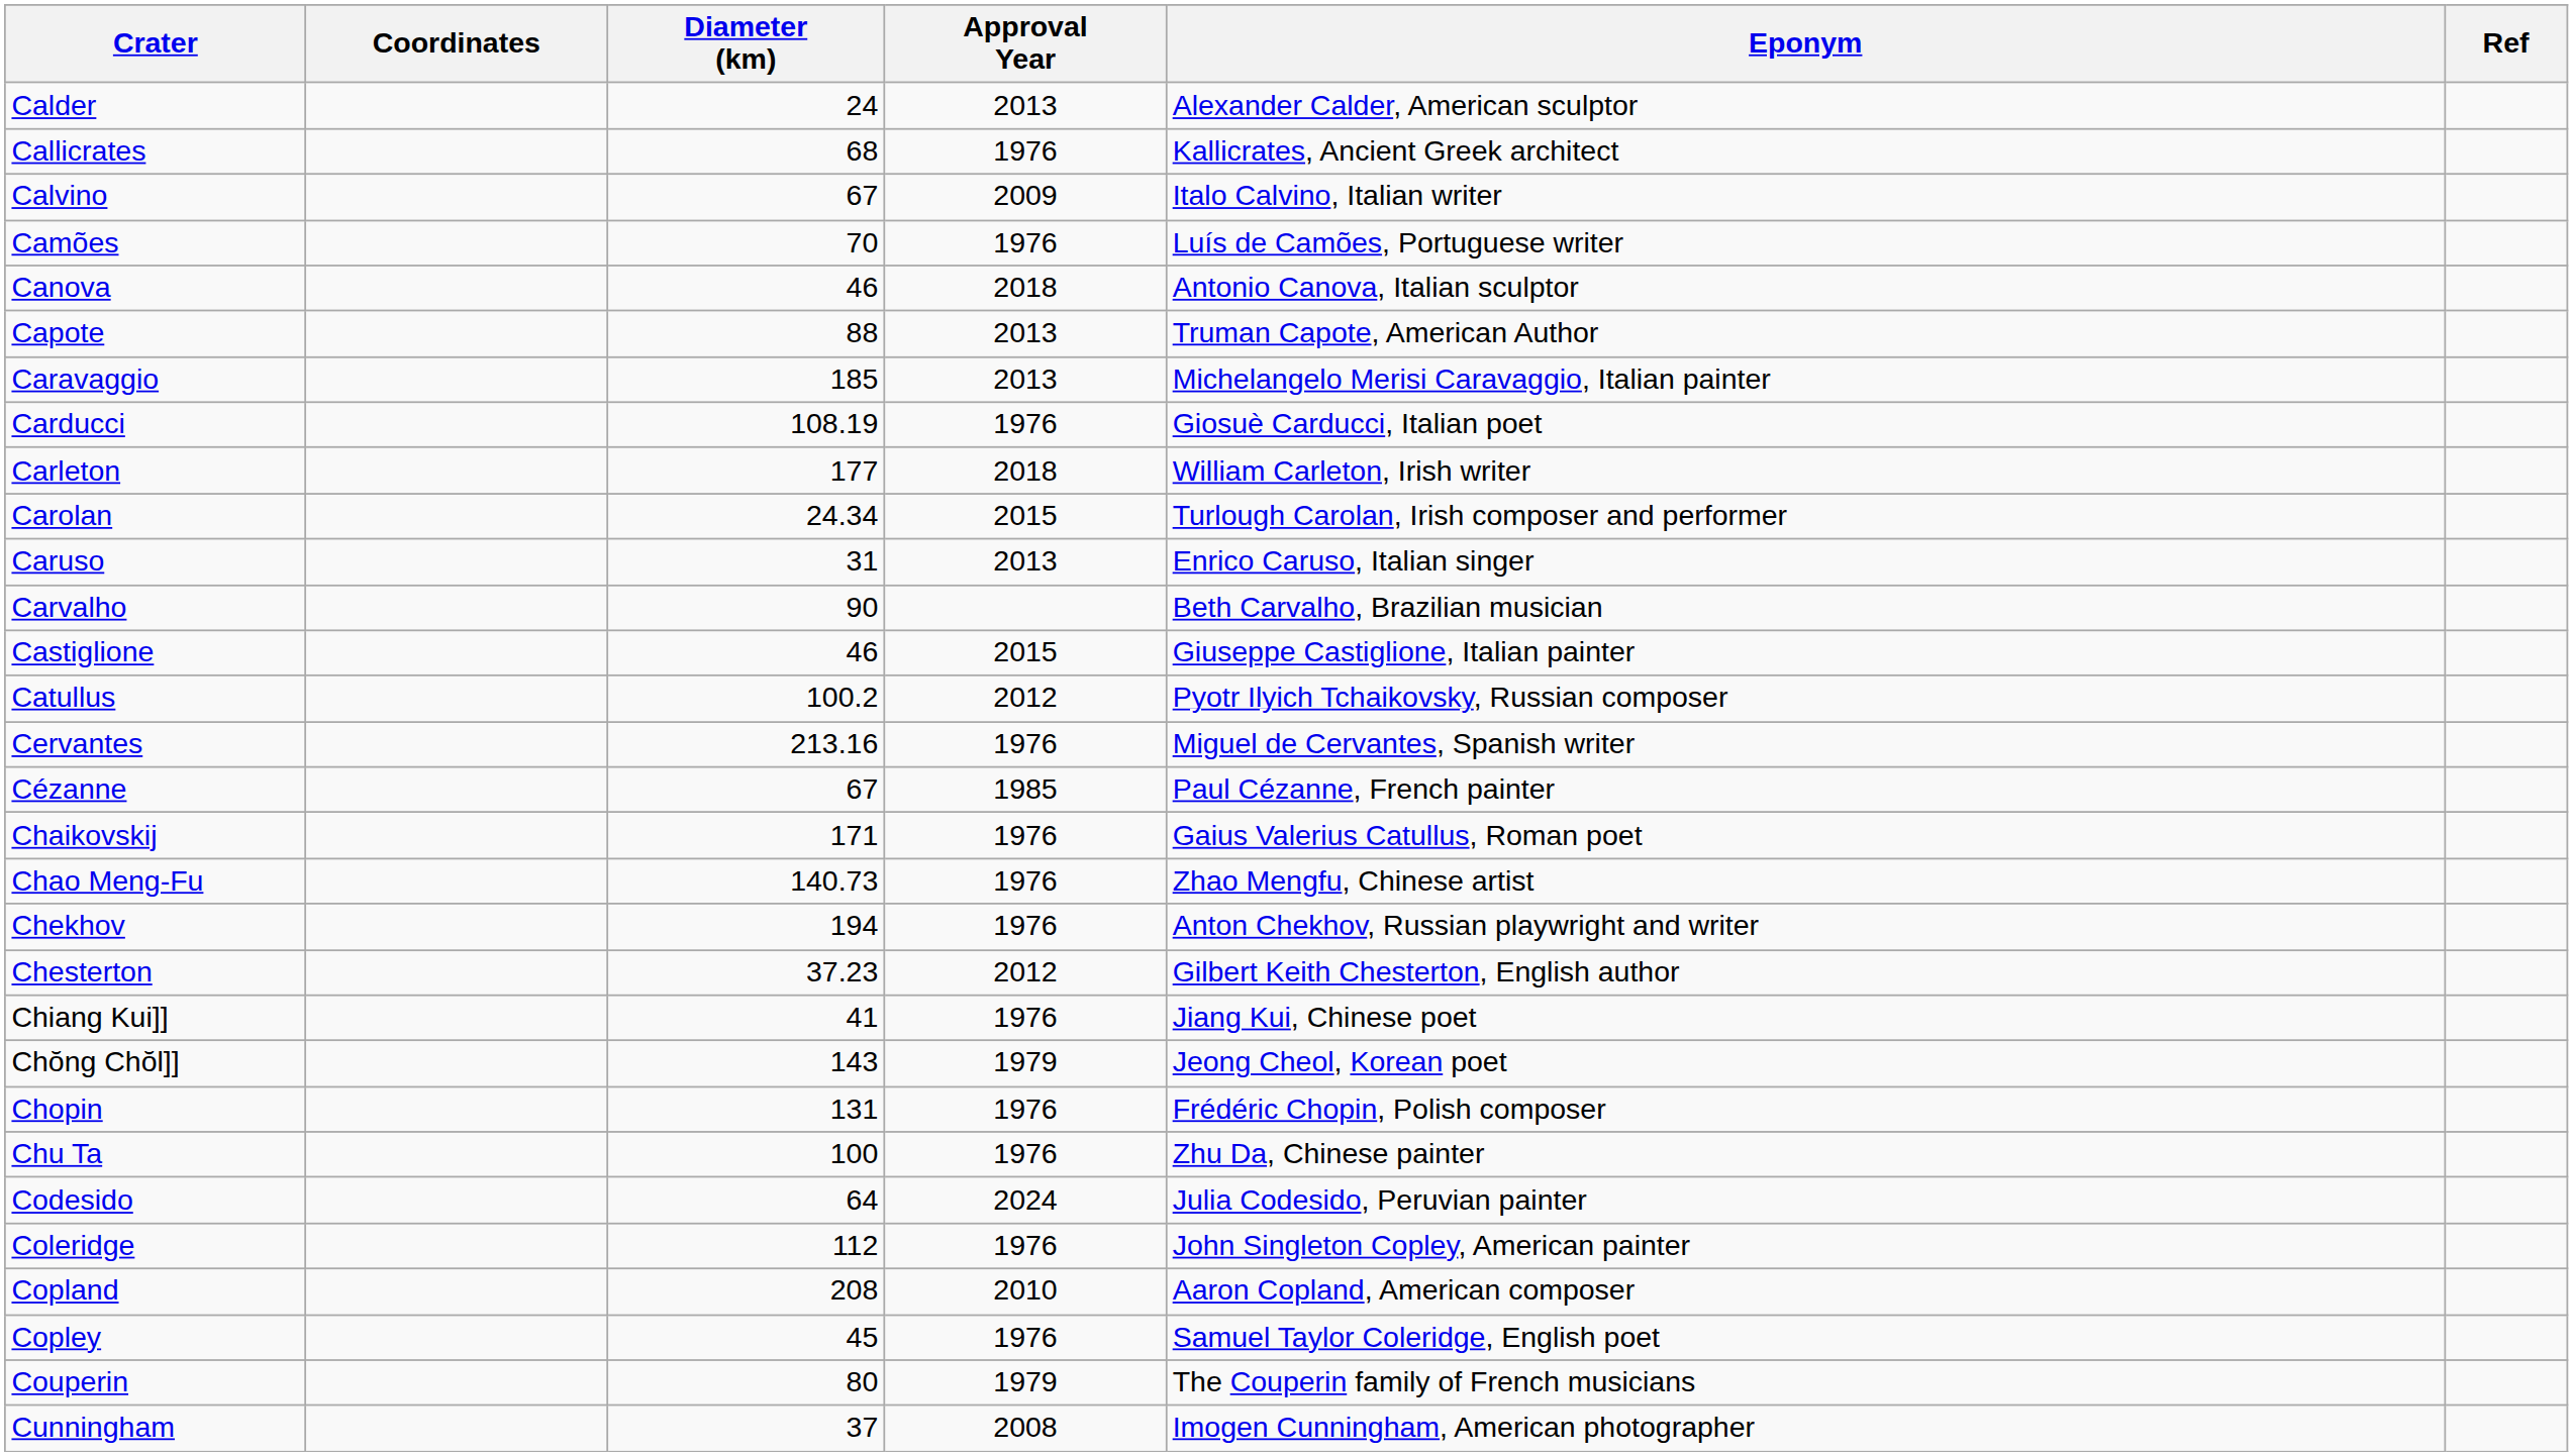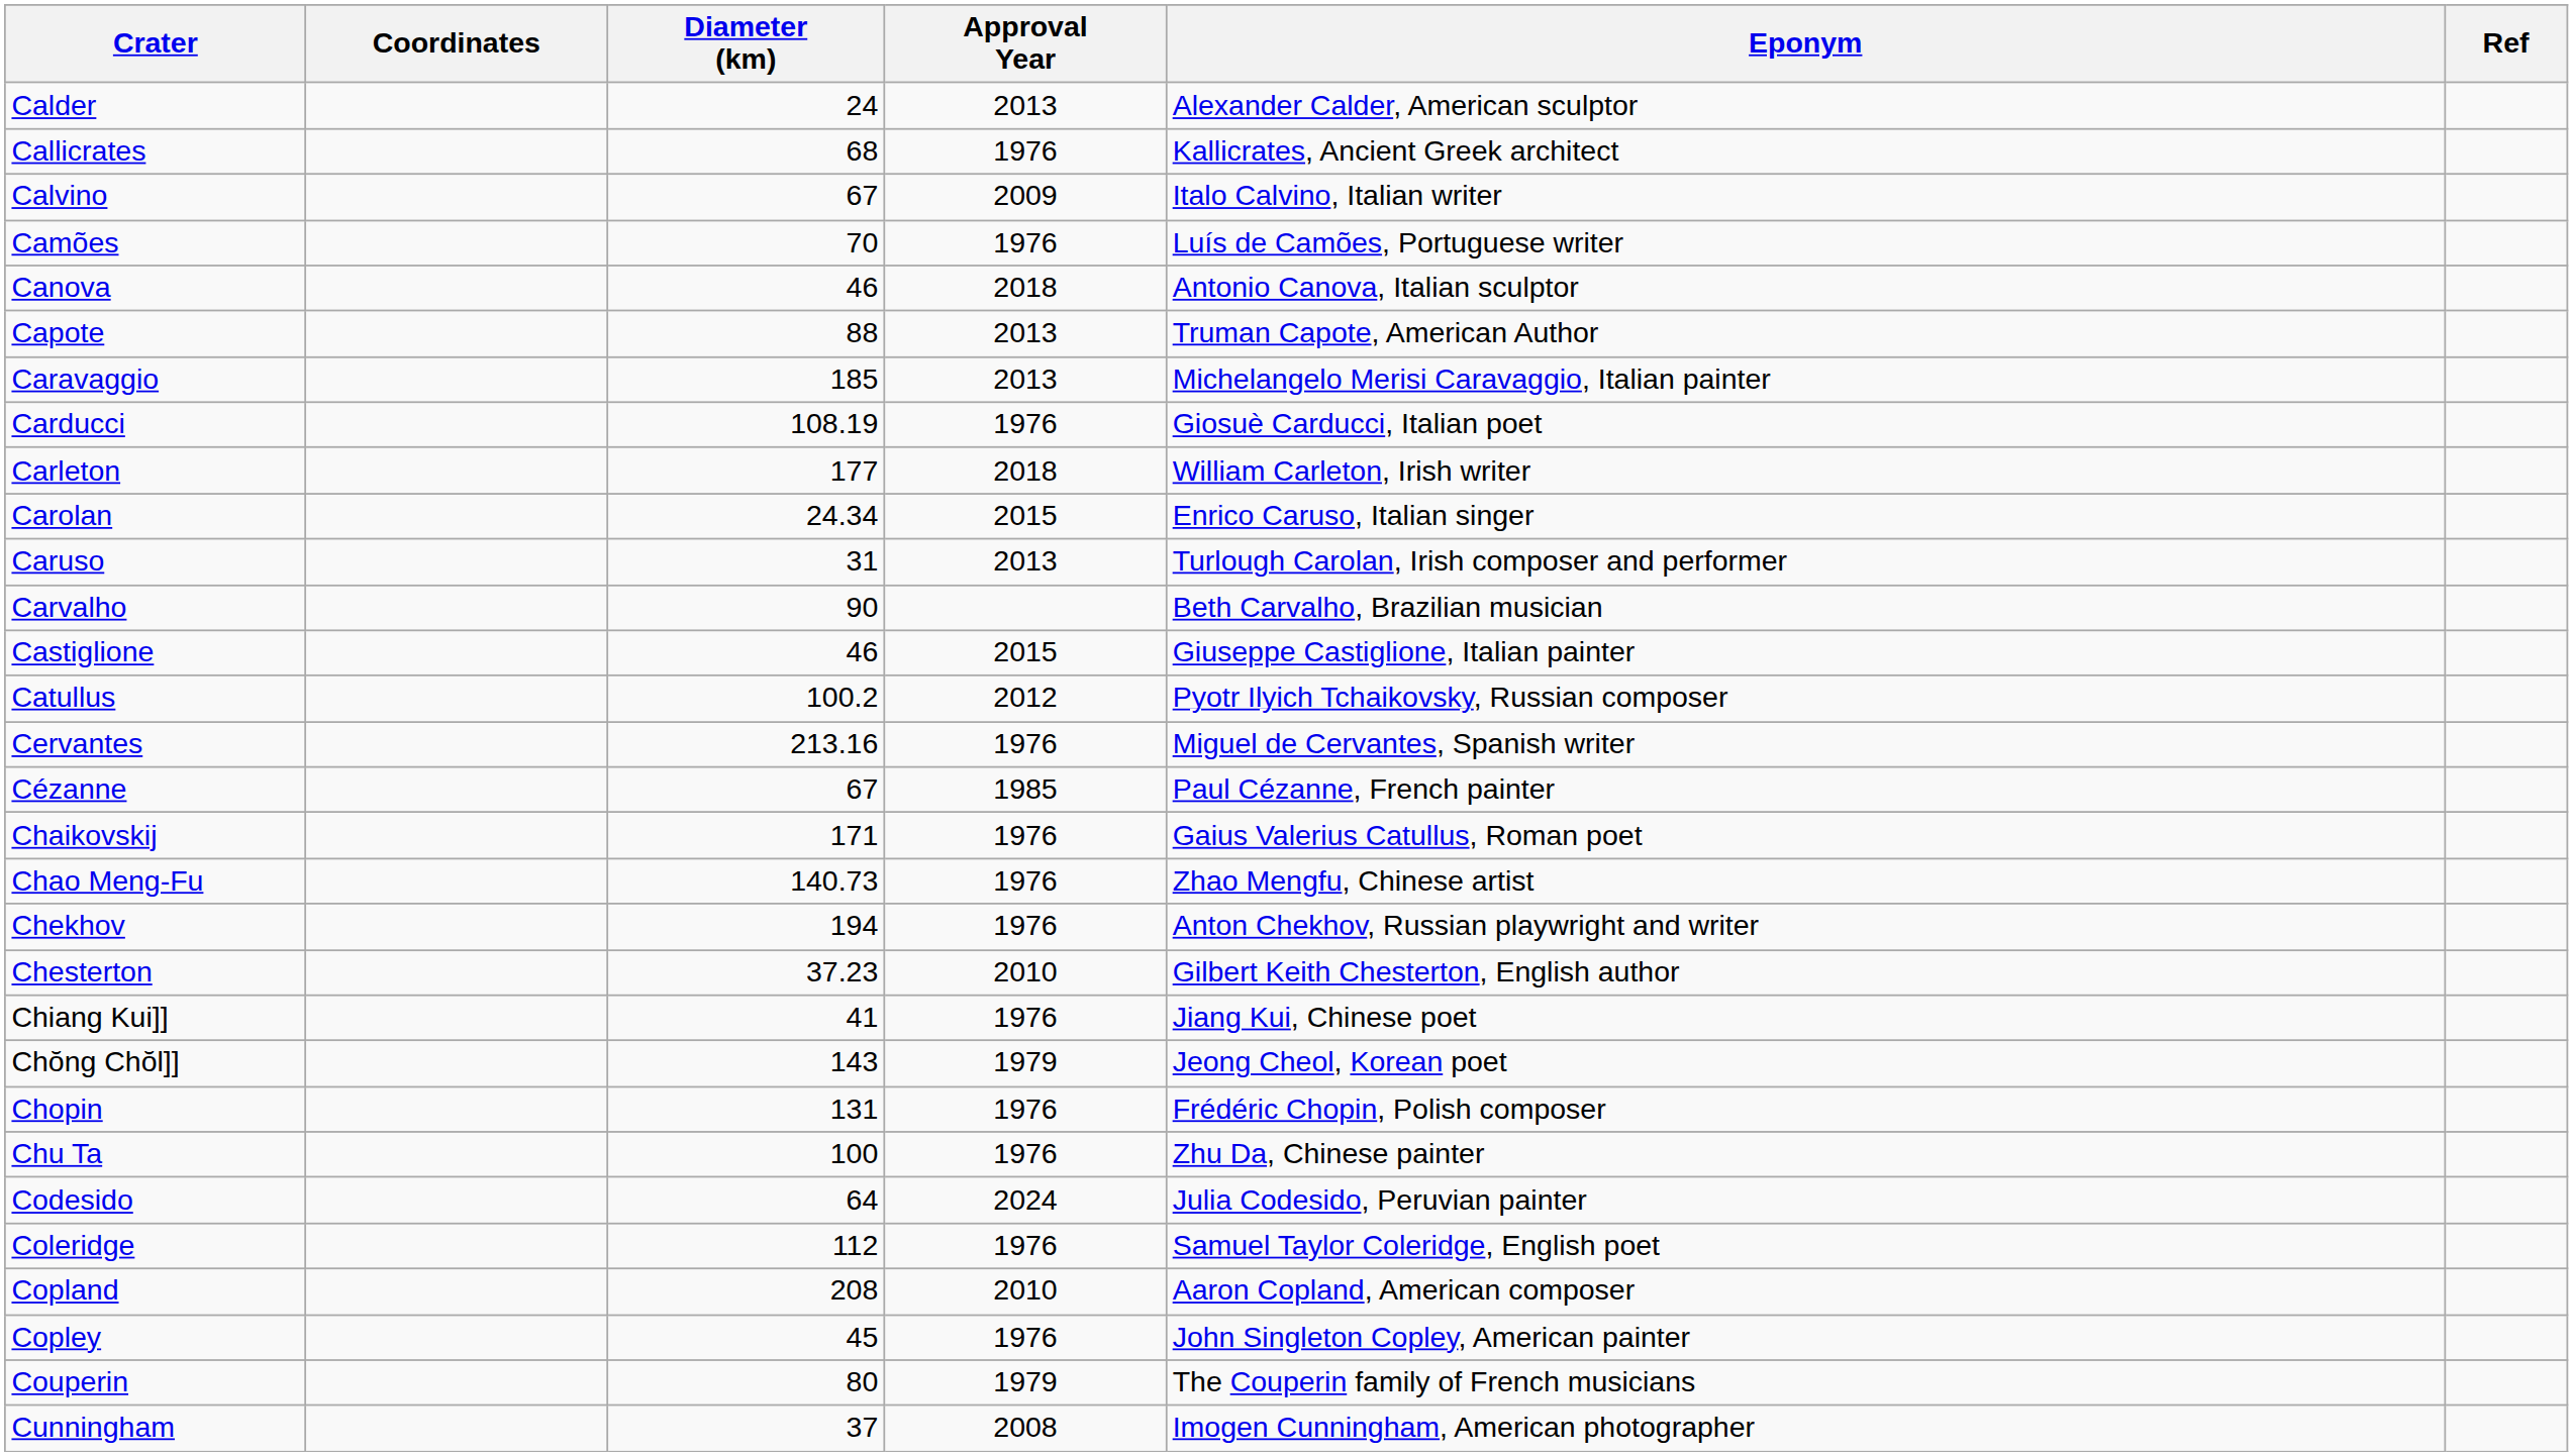 <table class="wikitable sortable" style="min-width: 90%">
 <tr>
 <th style="width:10em"><a href='#'>Crater</a></th>
 <th style="width:10em">Coordinates</th>
 <th><a href='#'>Diameter</a><br>(km)</th>
 <th>Approval<br>Year</th>
 <th class="unsortable"><a href='#'>Eponym</a></th>
 <th class="unsortable">Ref</th>
 </tr>
 <tr id="Calder">
 <td><a href='#'>Calder</a></td>
 <td></td>
 <td align=right>24</td>
 <td align=center>2013</td>
 <td><a href='#'>Alexander Calder</a>, American sculptor</td>
 <td></td>
 </tr>
 <tr id="Callicrates">
 <td><a href='#'>Callicrates</a></td>
 <td></td>
 <td align=right>68</td>
 <td align=center>1976</td>
 <td><a href='#'>Kallicrates</a>, Ancient Greek architect</td>
 <td></td>
 </tr>
 <tr id="Calvino">
 <td><a href='#'>Calvino</a></td>
 <td></td>
 <td align=right>67</td>
 <td align=center>2009</td>
 <td><a href='#'>Italo Calvino</a>, Italian writer</td>
 <td></td>
 </tr>
 <tr id="Camões">
 <td><a href='#'>Camões</a></td>
 <td></td>
 <td align=right>70</td>
 <td align=center>1976</td>
 <td><a href='#'>Luís de Camões</a>, Portuguese writer</td>
 <td></td>
 </tr>
 <tr id="Canova">
 <td><a href='#'>Canova</a></td>
 <td></td>
 <td align=right>46</td>
 <td align=center>2018</td>
 <td><a href='#'>Antonio Canova</a>, Italian sculptor</td>
 <td></td>
 </tr>
 <tr id="Capote">
 <td><a href='#'>Capote</a></td>
 <td></td>
 <td align=right>88</td>
 <td align=center>2013</td>
 <td><a href='#'>Truman Capote</a>, American Author</td>
 <td></td>
 </tr>
 <tr id="Caravaggio">
 <td><a href='#'>Caravaggio</a></td>
 <td></td>
 <td align=right>185</td>
 <td align=center>2013</td>
 <td><a href='#'>Michelangelo Merisi Caravaggio</a>, Italian painter</td>
 <td></td>
 </tr>
 <tr id="Carducci">
 <td><a href='#'>Carducci</a></td>
 <td></td>
 <td align=right>108.19</td>
 <td align=center>1976</td>
 <td><a href='#'>Giosuè Carducci</a>, Italian poet</td>
 <td></td>
 </tr>
 <tr id="Carleton">
 <td><a href='#'>Carleton</a></td>
 <td></td>
 <td align=right>177</td>
 <td align=center>2018</td>
 <td><a href='#'>William Carleton</a>, Irish writer</td>
 <td></td>
 </tr>
 <tr id="Carolan">
 <td><a href='#'>Carolan</a></td>
 <td></td>
 <td align=right>24.34</td>
 <td align=center>2015</td>
-<td><a href='#'>Turlough Carolan</a>, Irish composer and performer</td>
+<td><a href='#'>Enrico Caruso</a>, Italian singer</td>
 <td></td>
 </tr>
 <tr id="Caruso">
 <td><a href='#'>Caruso</a></td>
 <td></td>
 <td align=right>31</td>
 <td align=center>2013</td>
-<td><a href='#'>Enrico Caruso</a>, Italian singer</td>
+<td><a href='#'>Turlough Carolan</a>, Irish composer and performer</td>
 <td></td>
 </tr>
 <tr id="Carvalho">
 <td><a href='#'>Carvalho</a></td>
 <td></td>
 <td align=right>90</td>
 <td align=center></td>
 <td><a href='#'>Beth Carvalho</a>, Brazilian musician</td>
 <td></td>
 </tr>
 <tr id="Castiglione">
 <td><a href='#'>Castiglione</a></td>
 <td></td>
 <td align=right>46</td>
 <td align=center>2015</td>
 <td><a href='#'>Giuseppe Castiglione</a>, Italian painter</td>
 <td></td>
 </tr>
 <tr id="Catullus">
 <td><a href='#'>Catullus</a></td>
 <td></td>
 <td align=right>100.2</td>
 <td align=center>2012</td>
 <td><a href='#'>Pyotr Ilyich Tchaikovsky</a>, Russian composer</td>
 <td></td>
 </tr>
 <tr id="Cervantes">
 <td><a href='#'>Cervantes</a></td>
 <td></td>
 <td align=right>213.16</td>
 <td align=center>1976</td>
 <td><a href='#'>Miguel de Cervantes</a>, Spanish writer</td>
 <td></td>
 </tr>
 <tr id="Cézanne">
 <td><a href='#'>Cézanne</a></td>
 <td></td>
 <td align=right>67</td>
 <td align=center>1985</td>
 <td><a href='#'>Paul Cézanne</a>, French painter</td>
 <td></td>
 </tr>
 <tr id="Chaikovskij">
 <td><a href='#'>Chaikovskij</a></td>
 <td></td>
 <td align=right>171</td>
 <td align=center>1976</td>
 <td><a href='#'>Gaius Valerius Catullus</a>, Roman poet</td>
 <td></td>
 </tr>
 <tr id="Chao Meng-Fu">
 <td><a href='#'>Chao Meng-Fu</a></td>
 <td></td>
 <td align=right>140.73</td>
 <td align=center>1976</td>
 <td><a href='#'>Zhao Mengfu</a>, Chinese artist</td>
 <td></td>
 </tr>
 <tr id="Chekhov">
 <td><a href='#'>Chekhov</a></td>
 <td></td>
 <td align=right>194</td>
 <td align=center>1976</td>
 <td><a href='#'>Anton Chekhov</a>, Russian playwright and writer</td>
 <td></td>
 </tr>
 <tr id="Chesterton">
 <td><a href='#'>Chesterton</a></td>
 <td></td>
 <td align=right>37.23</td>
-<td align=center>2012</td>
+<td align=center>2010</td>
 <td><a href='#'>Gilbert Keith Chesterton</a>, English author</td>
 <td></td>
 </tr>
 <tr id="Chiang K">
 <td [[Chiang K>Chiang Kui]]</td>
 <td></td>
 <td align=right>41</td>
 <td align=center>1976</td>
 <td><a href='#'>Jiang Kui</a>, Chinese poet</td>
 <td></td>
 </tr>
 <tr id="Chŏng Ch">
 <td [[Chŏng Ch>Chŏng Chŏl]]</td>
 <td></td>
 <td align=right>143</td>
 <td align=center>1979</td>
 <td><a href='#'>Jeong Cheol</a>, <a href='#'>Korean</a> poet</td>
 <td></td>
 </tr>
 <tr id="Chopin">
 <td><a href='#'>Chopin</a></td>
 <td></td>
 <td align=right>131</td>
 <td align=center>1976</td>
 <td><a href='#'>Frédéric Chopin</a>, Polish composer</td>
 <td></td>
 </tr>
 <tr id="Chu Ta">
 <td><a href='#'>Chu Ta</a></td>
 <td></td>
 <td align=right>100</td>
 <td align=center>1976</td>
 <td><a href='#'>Zhu Da</a>, Chinese painter</td>
 <td></td>
 </tr>
 <tr id="Codesido">
 <td><a href='#'>Codesido</a></td>
 <td></td>
 <td align=right>64</td>
 <td align=center>2024</td>
 <td><a href='#'>Julia Codesido</a>, Peruvian painter</td>
 <td></td>
 </tr>
 <tr id="Coleridge">
 <td><a href='#'>Coleridge</a></td>
 <td></td>
 <td align=right>112</td>
 <td align=center>1976</td>
-<td><a href='#'>John Singleton Copley</a>, American painter</td>
+<td><a href='#'>Samuel Taylor Coleridge</a>, English poet</td>
 <td></td>
 </tr>
 <tr id="Copland">
 <td><a href='#'>Copland</a></td>
 <td></td>
 <td align=right>208</td>
 <td align=center>2010</td>
 <td><a href='#'>Aaron Copland</a>, American composer</td>
 <td></td>
 </tr>
 <tr id="Copley">
 <td><a href='#'>Copley</a></td>
 <td></td>
 <td align=right>45</td>
 <td align=center>1976</td>
-<td><a href='#'>Samuel Taylor Coleridge</a>, English poet</td>
+<td><a href='#'>John Singleton Copley</a>, American painter</td>
 <td></td>
 </tr>
 <tr id="Couperin">
 <td><a href='#'>Couperin</a></td>
 <td></td>
 <td align=right>80</td>
 <td align=center>1979</td>
 <td>The <a href='#'>Couperin</a> family of French musicians</td>
 <td></td>
 </tr>
 <tr id="Cunningham">
 <td><a href='#'>Cunningham</a></td>
 <td></td>
 <td align=right>37</td>
 <td align=center>2008</td>
 <td><a href='#'>Imogen Cunningham</a>, American photographer</td>
 <td></td>
 </tr>
 </table>
